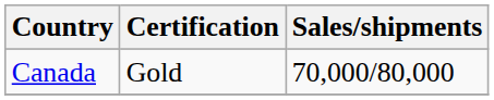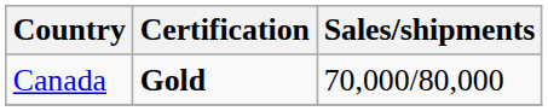 <table class="wikitable">
 <tr>
 <th align="left">Country</th>
 <th align="left">Certification</th>
 <th align="left">Sales/shipments</th>
 </tr>
 <tr>
 <td><a href='#'>Canada</a></td>
-<td>Gold</td>
+<td><strong>Gold</strong></td>
 <td>70,000/80,000</td>
 </tr>
 <tr>
 </tr>
 </table>
